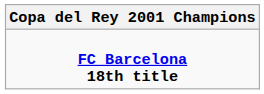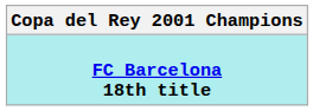 <table class=wikitable style="text-align:center; margin:auto">
 <tr>
 <th>Copa del Rey 2001 Champions</th>
 </tr>
 <tr>
-<td><br> <strong><a href='#'>FC Barcelona</a></strong> <br> <strong>18th title</strong></td>
+<td style="background: paleturquoise;"><br> <strong><a href='#'>FC Barcelona</a></strong> <br> <strong>18th title</strong></td>
 </tr>
 </table>
